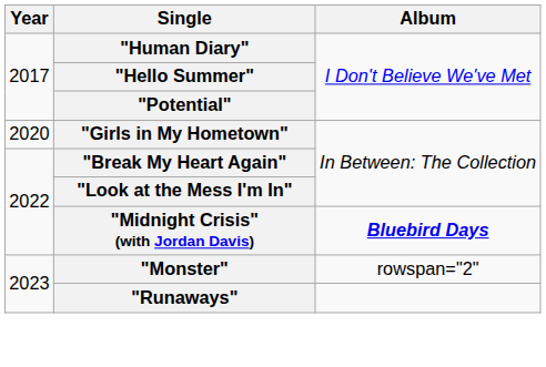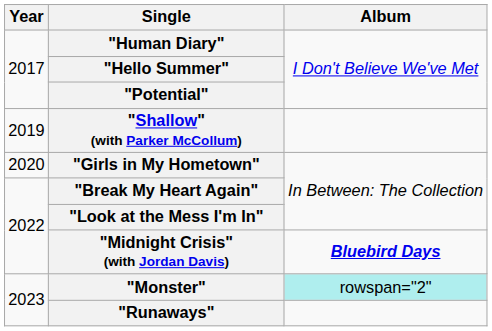 <table class="wikitable plainrowheaders" style="text-align:center;">
 <tr>
 <th>Year</th>
 <th style="width:14em;">Single</th>
 <th>Album</th>
 </tr>
 <tr>
 <td rowspan="3">2017</td>
 <th scope="row">"Human Diary"</th>
 <td rowspan="3"><em><a href='#'>I Don't Believe We've Met</a></em></td>
 </tr>
 <tr>
 <th scope="row">"Hello Summer"</th>
 </tr>
 <tr>
 <th scope="row">"Potential"</th>
+</tr>
+<tr>
+<td>2019</td>
+<th scope="row">"<a href='#'>Shallow</a>"<br><small>(with <a href='#'>Parker McCollum</a>)</small></th>
+<td></td>
 </tr>
 <tr>
 <td>2020</td>
 <th scope="row">"Girls in My Hometown"</th>
 <td rowspan="3"><em>In Between: The Collection</em></td>
 </tr>
 <tr>
 <td rowspan="3">2022</td>
 <th scope="row">"Break My Heart Again"</th>
 </tr>
 <tr>
 <th scope="row">"Look at the Mess I'm In"</th>
 </tr>
 <tr>
 <th scope="row">"Midnight Crisis"<br><small>(with <a href='#'>Jordan Davis</a>)</small></th>
 <td><strong><em><a href='#'>Bluebird Days</a></em></strong></td>
 </tr>
 <tr>
 <td rowspan="2">2023</td>
 <th scope="row">"Monster"</th>
-<td>rowspan="2" </td>
+<td style="background: paleturquoise;">rowspan="2" </td>
 </tr>
 <tr>
 <th scope="row">"Runaways"</th>
 </tr>
 </table>
